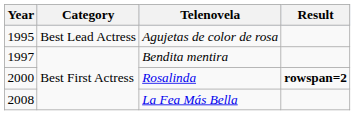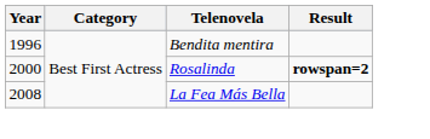 <table class="wikitable">
 <tr style="background:#b0c4de;">
 <th>Year</th>
 <th>Category</th>
 <th>Telenovela</th>
 <th>Result</th>
 </tr>
 <tr>
-<td>1995</td>
-<td>Best Lead Actress</td>
-<td><em>Agujetas de color de rosa</em></td>
-<td></td>
-</tr>
-<tr>
-<td>1997</td>
+<td>1996</td>
 <td rowspan=3>Best First Actress</td>
 <td><em>Bendita mentira</em></td>
 <td></td>
 </tr>
 <tr>
 <td>2000</td>
 <td><em><a href='#'>Rosalinda</a></em></td>
 <td><strong>rowspan=2  </strong></td>
 </tr>
 <tr>
 <td>2008</td>
 <td><em><a href='#'>La Fea Más Bella</a></em></td>
 </tr>
 </table>
